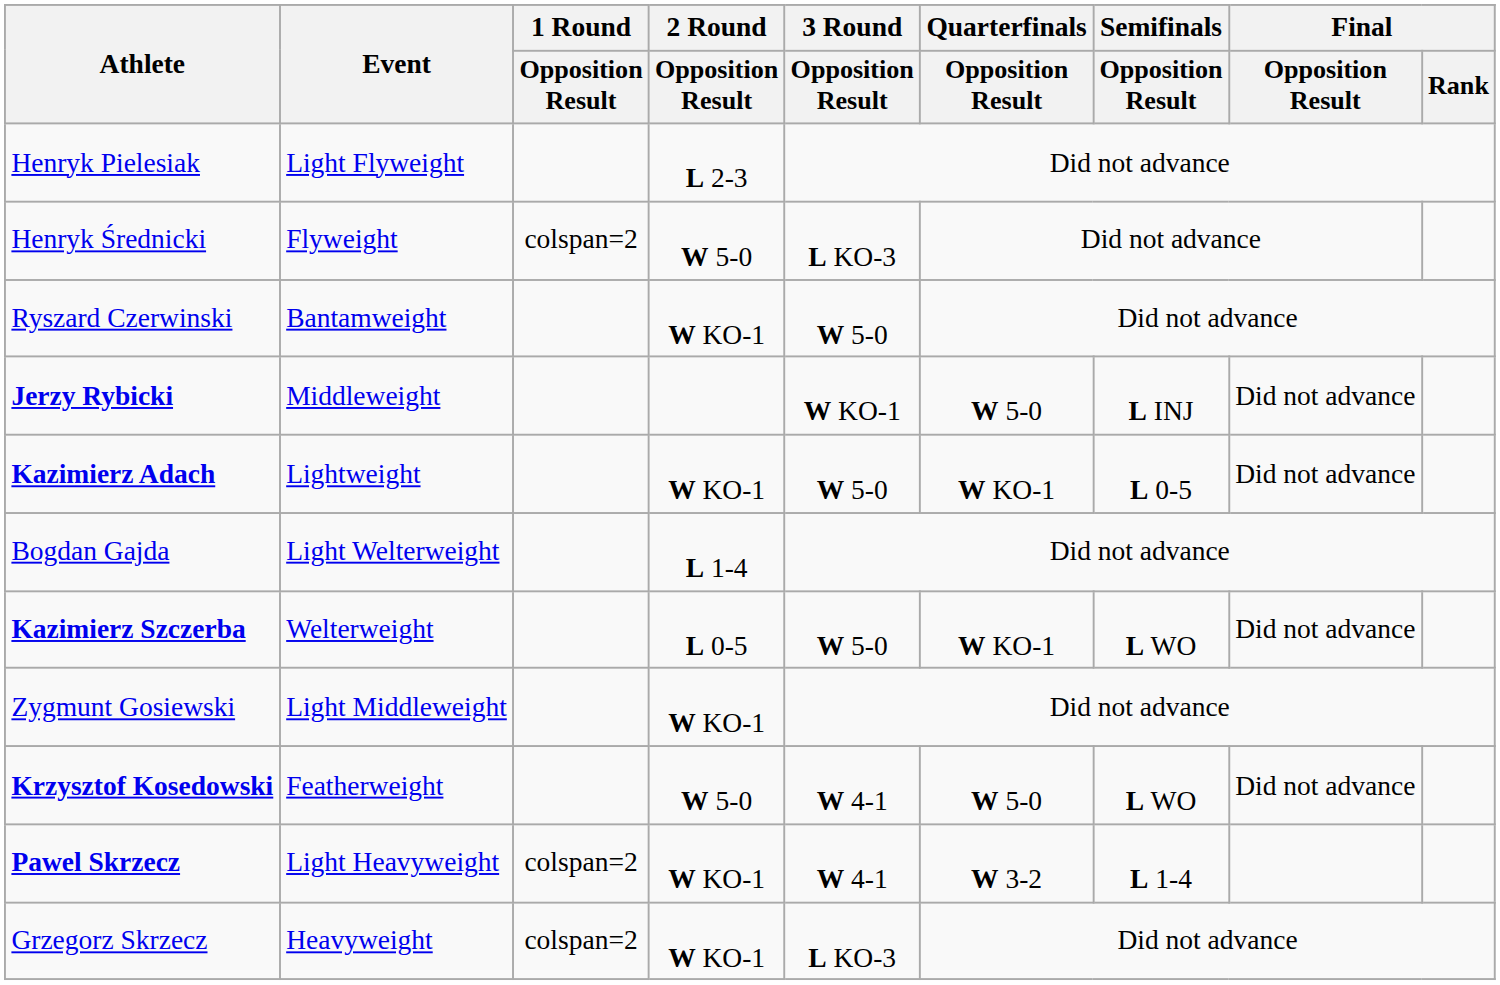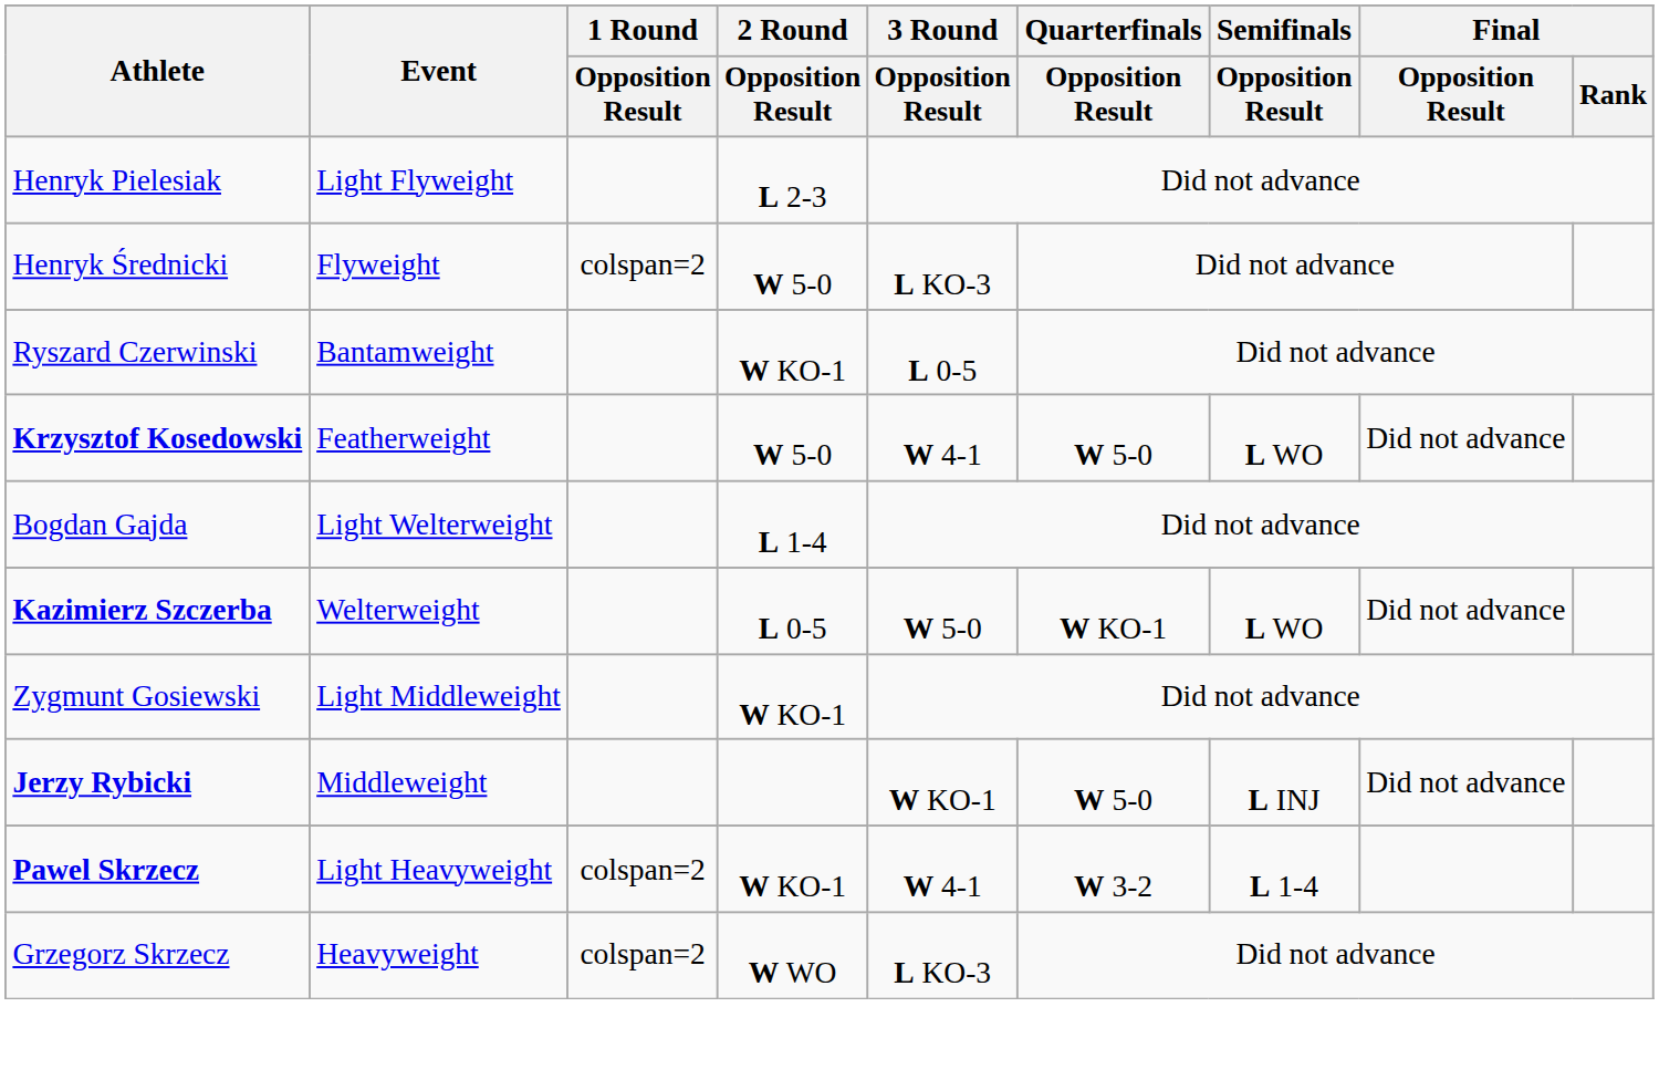 <table class="wikitable" style="font-size:90%">
 <tr>
 <th rowspan="2">Athlete</th>
 <th rowspan="2">Event</th>
 <th>1 Round</th>
 <th>2 Round</th>
 <th>3 Round</th>
 <th>Quarterfinals</th>
 <th>Semifinals</th>
 <th colspan=2>Final</th>
 </tr>
 <tr style="font-size:95%">
 <th>Opposition<br>Result</th>
 <th>Opposition<br>Result</th>
 <th>Opposition<br>Result</th>
 <th>Opposition<br>Result</th>
 <th>Opposition<br>Result</th>
 <th>Opposition<br>Result</th>
 <th>Rank</th>
 </tr>
 <tr align=center>
 <td align=left><a href='#'>Henryk Pielesiak</a></td>
 <td align=left><a href='#'>Light Flyweight</a></td>
 <td></td>
 <td><br><strong>L</strong> 2-3</td>
 <td colspan=5>Did not advance</td>
 </tr>
 <tr align=center>
 <td align=left><a href='#'>Henryk Średnicki</a></td>
 <td align=left><a href='#'>Flyweight</a></td>
 <td>colspan=2 </td>
 <td><br><strong>W</strong> 5-0</td>
 <td><br><strong>L</strong> KO-3</td>
 <td colspan=3>Did not advance</td>
 </tr>
 <tr align=center>
 <td align=left><a href='#'>Ryszard Czerwinski</a></td>
 <td align=left><a href='#'>Bantamweight</a></td>
 <td></td>
 <td><br><strong>W</strong> KO-1</td>
-<td><br><strong>W</strong> 5-0</td>
+<td><br><strong>L</strong> 0-5</td>
 <td colspan=4>Did not advance</td>
 </tr>
 <tr align=center>
-<td align=left><strong><a href='#'>Jerzy Rybicki</a></strong></td>
-<td align=left><a href='#'>Middleweight</a></td>
+<td align=left><strong><a href='#'>Krzysztof Kosedowski</a></strong></td>
+<td align=left><a href='#'>Featherweight</a></td>
 <td></td>
-<td></td>
-<td><br><strong>W</strong> KO-1</td>
 <td><br><strong>W</strong> 5-0</td>
-<td><br><strong>L</strong> INJ</td>
-<td>Did not advance</td>
-<td></td>
-</tr>
-<tr align=center>
-<td align=left><strong><a href='#'>Kazimierz Adach</a></strong></td>
-<td align=left><a href='#'>Lightweight</a></td>
-<td></td>
-<td><br><strong>W</strong> KO-1</td>
+<td><br><strong>W</strong> 4-1</td>
 <td><br><strong>W</strong> 5-0</td>
-<td><br><strong>W</strong> KO-1</td>
-<td><br><strong>L</strong> 0-5</td>
+<td><br><strong>L</strong> WO</td>
 <td>Did not advance</td>
 <td></td>
 </tr>
 <tr align=center>
 <td align=left><a href='#'>Bogdan Gajda</a></td>
 <td align=left><a href='#'>Light Welterweight</a></td>
 <td></td>
 <td><br><strong>L</strong> 1-4</td>
 <td colspan=5>Did not advance</td>
 </tr>
 <tr align=center>
 <td align=left><strong><a href='#'>Kazimierz Szczerba</a></strong></td>
 <td align=left><a href='#'>Welterweight</a></td>
 <td></td>
 <td><br><strong>L</strong> 0-5</td>
 <td><br><strong>W</strong> 5-0</td>
 <td><br><strong>W</strong> KO-1</td>
 <td><br><strong>L</strong> WO</td>
 <td>Did not advance</td>
 <td></td>
 </tr>
 <tr align=center>
 <td align=left><a href='#'>Zygmunt Gosiewski</a></td>
 <td align=left><a href='#'>Light Middleweight</a></td>
 <td></td>
 <td><br><strong>W</strong> KO-1</td>
 <td colspan=5>Did not advance</td>
 </tr>
 <tr align=center>
-<td align=left><strong><a href='#'>Krzysztof Kosedowski</a></strong></td>
-<td align=left><a href='#'>Featherweight</a></td>
+<td align=left><strong><a href='#'>Jerzy Rybicki</a></strong></td>
+<td align=left><a href='#'>Middleweight</a></td>
 <td></td>
+<td></td>
+<td><br><strong>W</strong> KO-1</td>
 <td><br><strong>W</strong> 5-0</td>
-<td><br><strong>W</strong> 4-1</td>
-<td><br><strong>W</strong> 5-0</td>
-<td><br><strong>L</strong> WO</td>
+<td><br><strong>L</strong> INJ</td>
 <td>Did not advance</td>
 <td></td>
 </tr>
 <tr align=center>
 <td align=left><strong><a href='#'>Pawel Skrzecz</a></strong></td>
 <td align=left><a href='#'>Light Heavyweight</a></td>
 <td>colspan=2 </td>
 <td><br><strong>W</strong> KO-1</td>
 <td><br><strong>W</strong> 4-1</td>
 <td><br><strong>W</strong> 3-2</td>
 <td><br><strong>L</strong> 1-4</td>
 <td></td>
 </tr>
 <tr align=center>
 <td align=left><a href='#'>Grzegorz Skrzecz</a></td>
 <td align=left><a href='#'>Heavyweight</a></td>
 <td>colspan=2 </td>
-<td><br><strong>W</strong> KO-1</td>
+<td><br><strong>W</strong> WO</td>
 <td><br><strong>L</strong> KO-3</td>
 <td colspan=4>Did not advance</td>
 </tr>
 </table>
